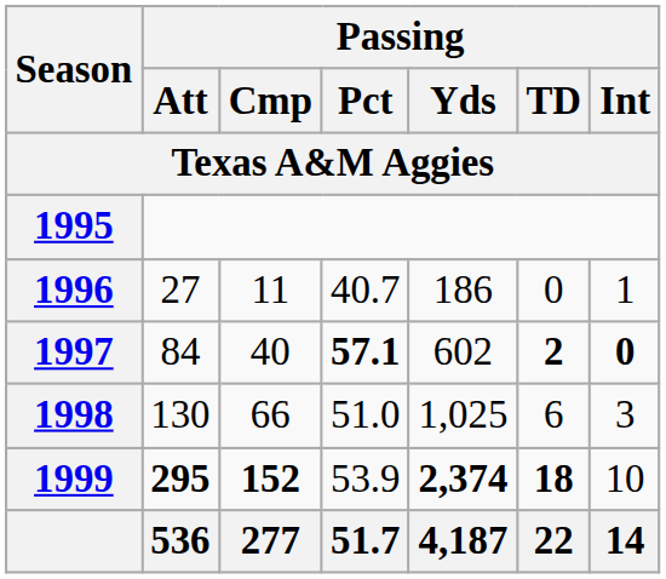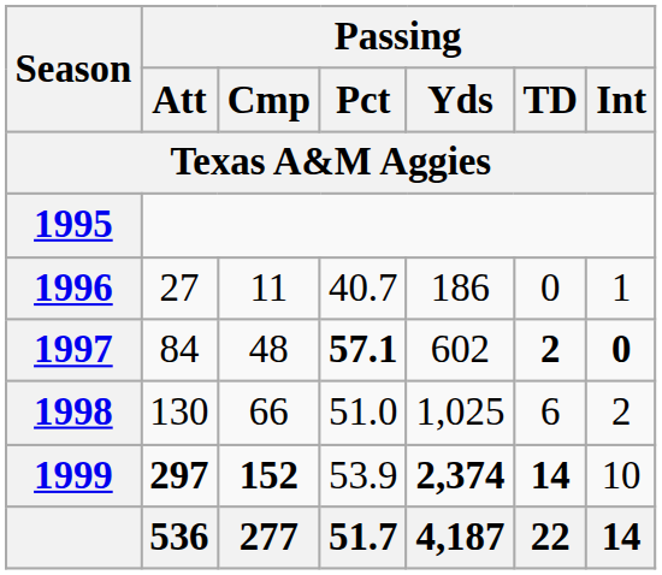 <table class="wikitable" style="text-align:center;">
 <tr>
 <th rowspan="2">Season</th>
 <th colspan="6">Passing</th>
 </tr>
 <tr>
 <th>Att</th>
 <th>Cmp</th>
 <th>Pct</th>
 <th>Yds</th>
 <th>TD</th>
 <th>Int</th>
 </tr>
 <tr>
 <th colspan="7">Texas A&M Aggies</th>
 </tr>
 <tr>
 <th><a href='#'>1995</a></th>
 <td colspan="6"></td>
 </tr>
 <tr>
 <th><a href='#'>1996</a></th>
 <td>27</td>
 <td>11</td>
 <td>40.7</td>
 <td>186</td>
 <td>0</td>
 <td>1</td>
 </tr>
 <tr>
 <th><a href='#'>1997</a></th>
 <td>84</td>
-<td>40</td>
+<td>48</td>
 <td><strong>57.1</strong></td>
 <td>602</td>
 <td><strong>2</strong></td>
 <td><strong>0</strong></td>
 </tr>
 <tr>
 <th><a href='#'>1998</a></th>
 <td>130</td>
 <td>66</td>
 <td>51.0</td>
 <td>1,025</td>
 <td>6</td>
-<td>3</td>
+<td>2</td>
 </tr>
 <tr>
 <th><a href='#'>1999</a></th>
-<td><strong>295</strong></td>
+<td><strong>297</strong></td>
 <td><strong>152</strong></td>
 <td>53.9</td>
 <td><strong>2,374</strong></td>
-<td><strong>18</strong></td>
+<td><strong>14</strong></td>
 <td>10</td>
 </tr>
 <tr>
 <th></th>
 <th>536</th>
 <th>277</th>
 <th>51.7</th>
 <th>4,187</th>
 <th>22</th>
 <th>14</th>
 </tr>
 </table>
